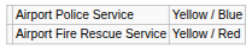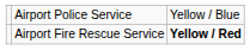 <table class="wikitable" style="margin: 1em auto 1em auto;">
 <tr>
 <td></td>
 <td>Airport Police Service</td>
 <td>Yellow / Blue</td>
 </tr>
 <tr>
 <td></td>
 <td>Airport Fire Rescue Service</td>
-<td>Yellow / Red</td>
+<td><strong>Yellow / Red</strong></td>
 </tr>
 </table>
